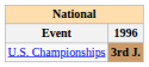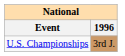 <table class="wikitable" style="text-align:center">
 <tr>
 <th style="background-color: #ffdead; " colspan=2 align=center>National</th>
 </tr>
 <tr>
 <th>Event</th>
 <th>1996</th>
 </tr>
 <tr>
 <td align=left><a href='#'>U.S. Championships</a></td>
-<td bgcolor=cc9966><strong>3rd J.</strong></td>
+<td bgcolor=cc9966>3rd J.</td>
 </tr>
 </table>
